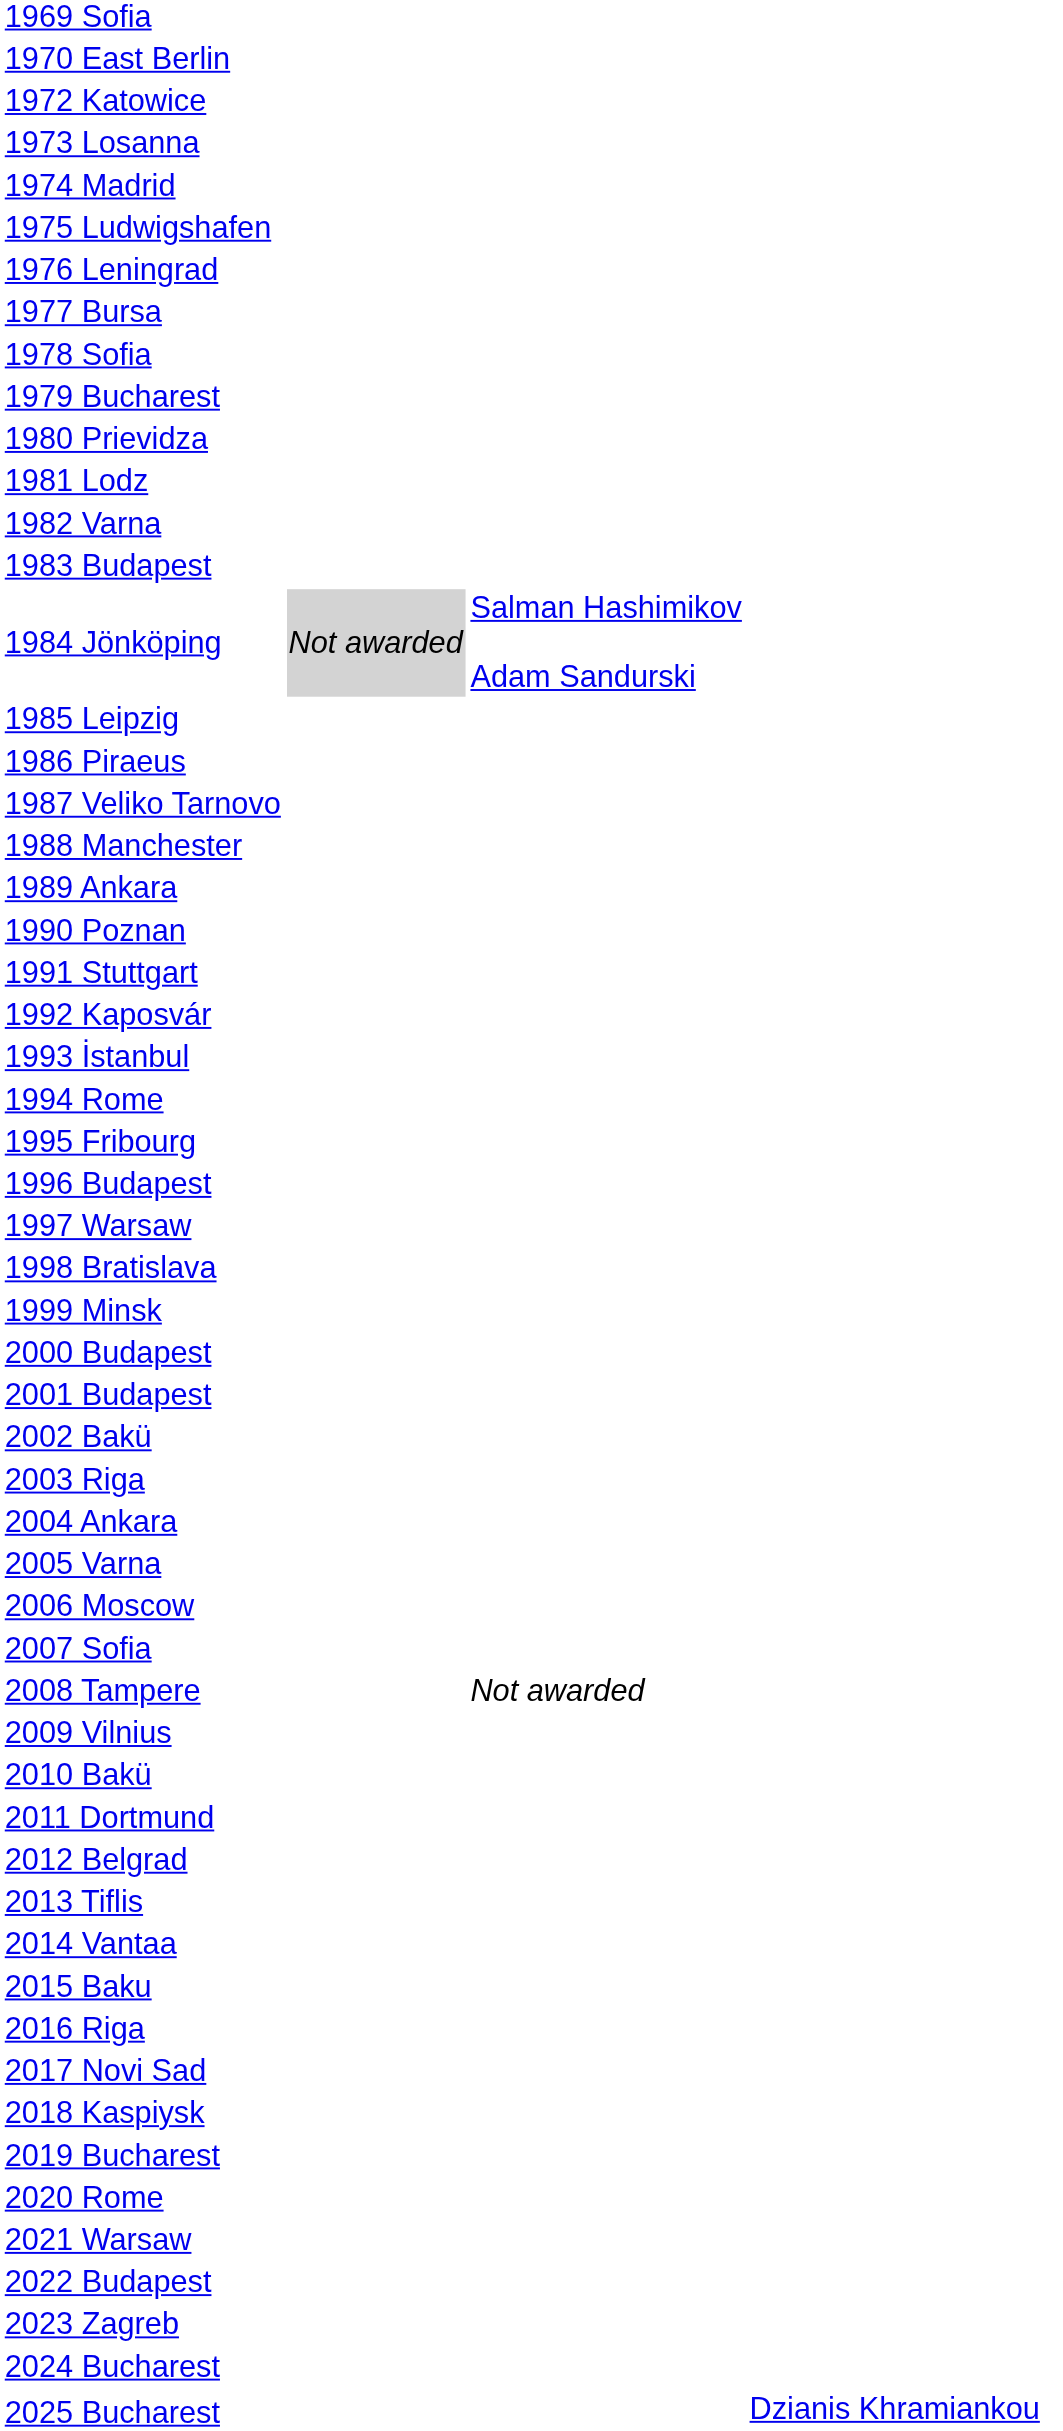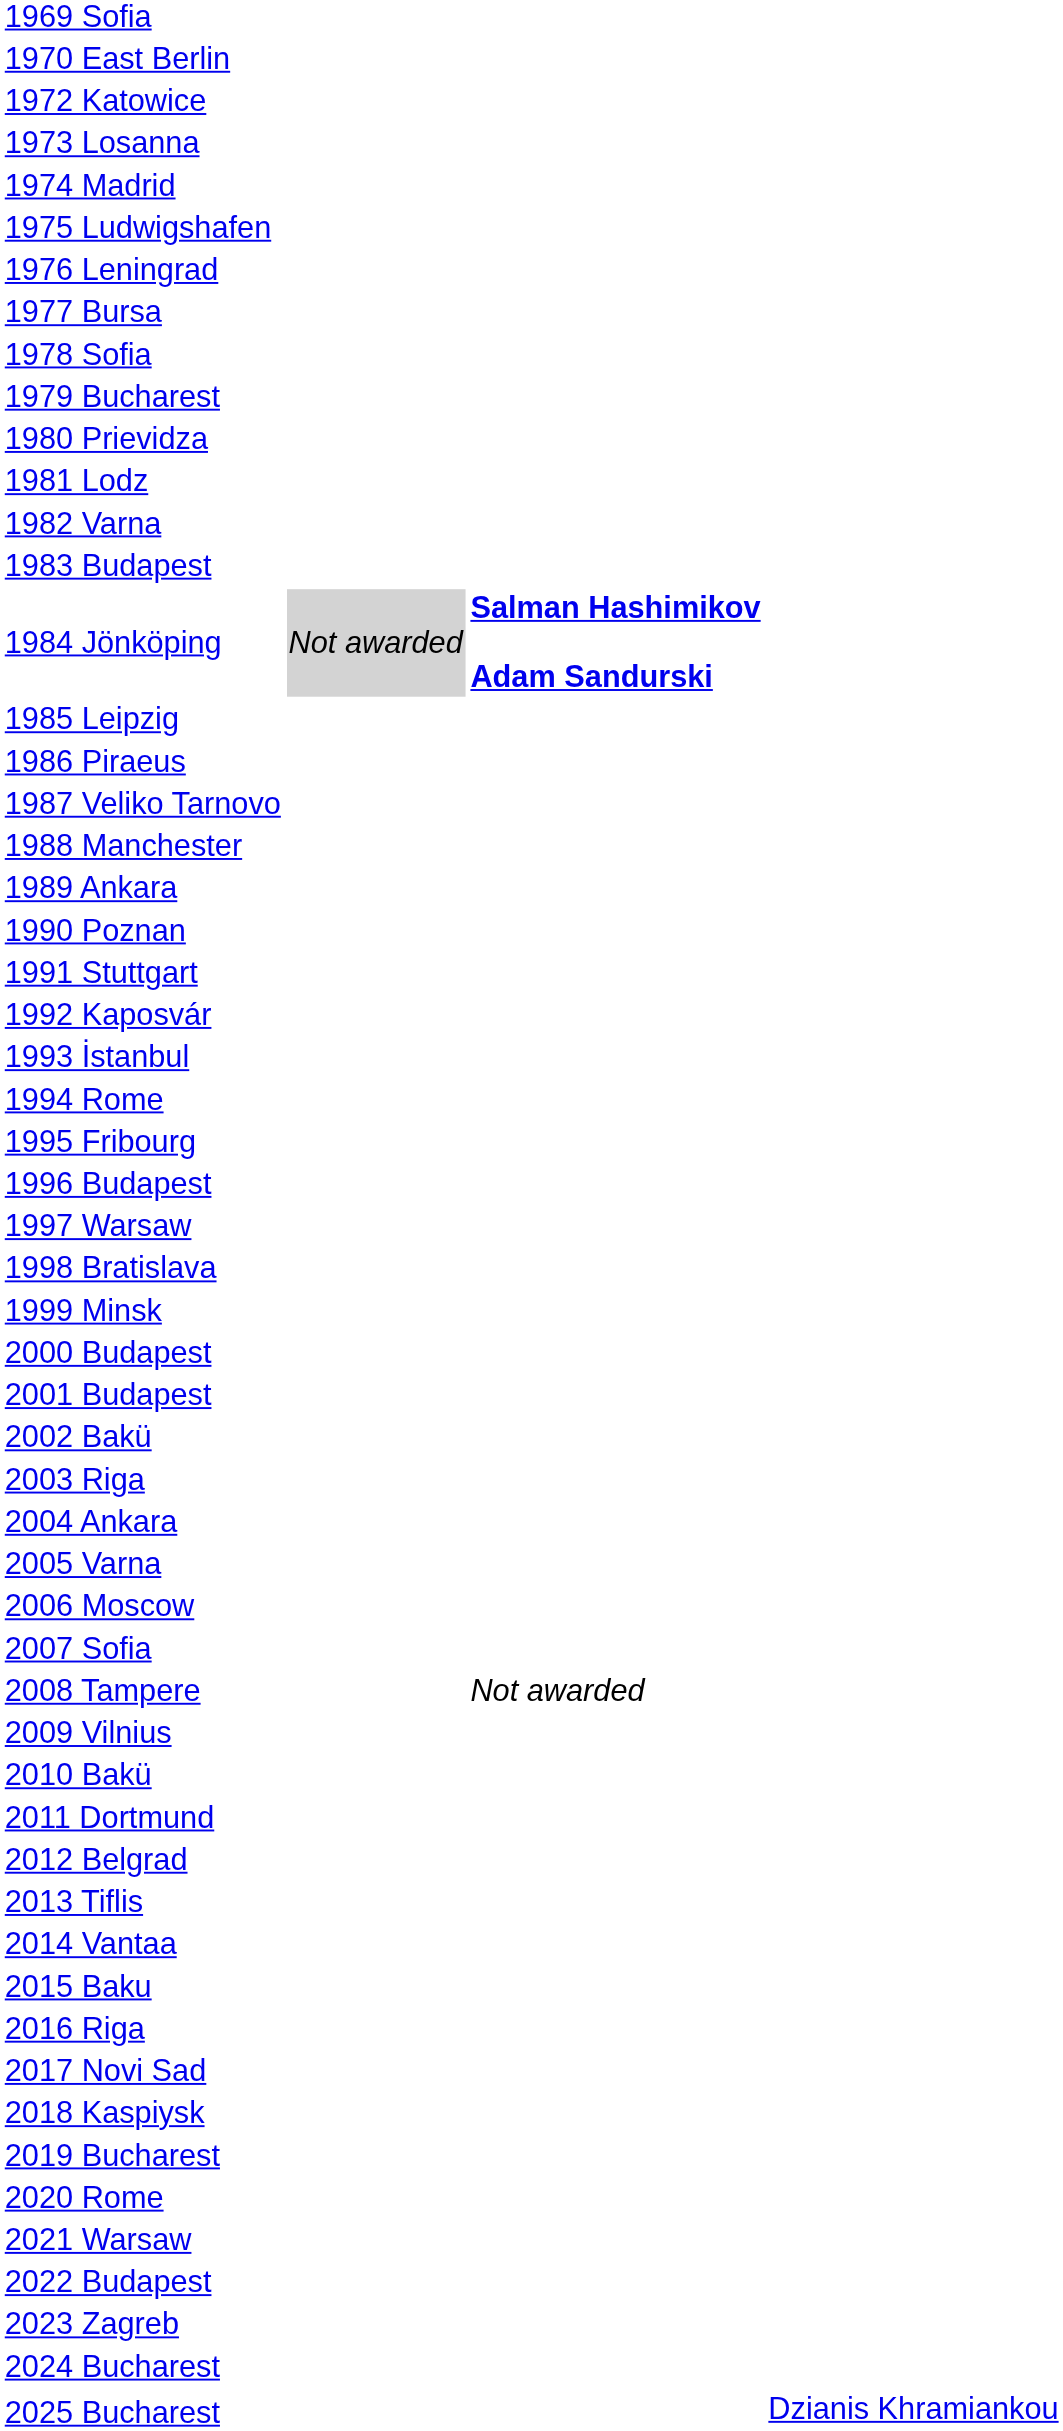 <table>
 <tr>
 <td><a href='#'>1969 Sofia</a></td>
 <td></td>
 <td></td>
 <td></td>
 </tr>
 <tr>
 <td><a href='#'>1970 East Berlin</a></td>
 <td></td>
 <td></td>
 <td></td>
 </tr>
 <tr>
 <td><a href='#'>1972 Katowice</a></td>
 <td></td>
 <td></td>
 <td></td>
 </tr>
 <tr>
 <td><a href='#'>1973 Losanna</a></td>
 <td></td>
 <td></td>
 <td></td>
 </tr>
 <tr>
 <td><a href='#'>1974 Madrid</a></td>
 <td></td>
 <td></td>
 <td></td>
 </tr>
 <tr>
 <td><a href='#'>1975 Ludwigshafen</a></td>
 <td></td>
 <td></td>
 <td></td>
 </tr>
 <tr>
 <td><a href='#'>1976 Leningrad</a></td>
 <td></td>
 <td></td>
 <td></td>
 </tr>
 <tr>
 <td><a href='#'>1977 Bursa</a></td>
 <td></td>
 <td></td>
 <td></td>
 </tr>
 <tr>
 <td><a href='#'>1978 Sofia</a></td>
 <td></td>
 <td></td>
 <td></td>
 </tr>
 <tr>
 <td><a href='#'>1979 Bucharest</a></td>
 <td></td>
 <td></td>
 <td></td>
 </tr>
 <tr>
 <td><a href='#'>1980 Prievidza</a></td>
 <td></td>
 <td></td>
 <td></td>
 </tr>
 <tr>
 <td><a href='#'>1981 Lodz</a></td>
 <td></td>
 <td></td>
 <td></td>
 </tr>
 <tr>
 <td><a href='#'>1982 Varna</a></td>
 <td></td>
 <td></td>
 <td></td>
 </tr>
 <tr>
 <td><a href='#'>1983 Budapest</a></td>
 <td></td>
 <td></td>
 <td></td>
 </tr>
 <tr>
 <td><a href='#'>1984 Jönköping</a></td>
 <td style="background: lightgrey;"><em>Not awarded</em></td>
-<td><a href='#'>Salman Hashimikov</a> <br> <br> <a href='#'>Adam Sandurski</a> <br> </td>
+<td><strong><a href='#'>Salman Hashimikov</a> <br> <br> <a href='#'>Adam Sandurski</a> <br> </strong></td>
 <td></td>
 </tr>
 <tr>
 <td><a href='#'>1985 Leipzig</a></td>
 <td></td>
 <td></td>
 <td></td>
 </tr>
 <tr>
 <td><a href='#'>1986 Piraeus</a></td>
 <td></td>
 <td></td>
 <td></td>
 </tr>
 <tr>
 <td><a href='#'>1987 Veliko Tarnovo</a></td>
 <td></td>
 <td></td>
 <td></td>
 </tr>
 <tr>
 <td><a href='#'>1988 Manchester</a></td>
 <td></td>
 <td></td>
 <td></td>
 </tr>
 <tr>
 <td><a href='#'>1989 Ankara</a></td>
 <td></td>
 <td></td>
 <td></td>
 </tr>
 <tr>
 <td><a href='#'>1990 Poznan</a></td>
 <td></td>
 <td></td>
 <td></td>
 </tr>
 <tr>
 <td><a href='#'>1991 Stuttgart</a></td>
 <td></td>
 <td></td>
 <td></td>
 </tr>
 <tr>
 <td><a href='#'>1992 Kaposvár</a></td>
 <td></td>
 <td></td>
 <td></td>
 </tr>
 <tr>
 <td><a href='#'>1993 İstanbul</a></td>
 <td></td>
 <td></td>
 <td></td>
 </tr>
 <tr>
 <td><a href='#'>1994 Rome</a></td>
 <td></td>
 <td></td>
 <td></td>
 </tr>
 <tr>
 <td><a href='#'>1995 Fribourg</a></td>
 <td></td>
 <td></td>
 <td></td>
 </tr>
 <tr>
 <td><a href='#'>1996 Budapest</a></td>
 <td></td>
 <td></td>
 <td></td>
 </tr>
 <tr>
 <td><a href='#'>1997 Warsaw</a></td>
 <td></td>
 <td></td>
 <td></td>
 </tr>
 <tr>
 <td><a href='#'>1998 Bratislava</a></td>
 <td></td>
 <td></td>
 <td></td>
 </tr>
 <tr>
 <td><a href='#'>1999 Minsk</a></td>
 <td></td>
 <td></td>
 <td></td>
 </tr>
 <tr>
 <td><a href='#'>2000 Budapest</a></td>
 <td></td>
 <td></td>
 <td></td>
 </tr>
 <tr>
 <td><a href='#'>2001 Budapest</a></td>
 <td></td>
 <td></td>
 <td></td>
 </tr>
 <tr>
 <td><a href='#'>2002 Bakü</a></td>
 <td></td>
 <td></td>
 <td></td>
 </tr>
 <tr>
 <td><a href='#'>2003 Riga</a></td>
 <td></td>
 <td></td>
 <td></td>
 </tr>
 <tr>
 <td><a href='#'>2004 Ankara</a></td>
 <td></td>
 <td></td>
 <td></td>
 </tr>
 <tr>
 <td rowspan=2><a href='#'>2005 Varna</a></td>
 <td rowspan=2></td>
 <td rowspan=2></td>
 <td></td>
 </tr>
 <tr>
 <td></td>
 </tr>
 <tr>
 <td rowspan=2><a href='#'>2006 Moscow</a></td>
 <td rowspan=2></td>
 <td rowspan=2></td>
 <td></td>
 </tr>
 <tr>
 <td></td>
 </tr>
 <tr>
 <td rowspan=2><a href='#'>2007 Sofia</a></td>
 <td rowspan=2></td>
 <td rowspan=2></td>
 <td></td>
 </tr>
 <tr>
 <td></td>
 </tr>
 <tr>
 <td rowspan=2><a href='#'>2008 Tampere</a></td>
 <td rowspan=2></td>
 <td rowspan=2><em>Not awarded</em></td>
 <td></td>
 </tr>
 <tr>
 <td></td>
 </tr>
 <tr>
 <td rowspan=2><a href='#'>2009 Vilnius</a></td>
 <td rowspan=2></td>
 <td rowspan=2></td>
 <td></td>
 </tr>
 <tr>
 <td></td>
 </tr>
 <tr>
 <td rowspan=2><a href='#'>2010 Bakü</a></td>
 <td rowspan=2></td>
 <td rowspan=2></td>
 <td></td>
 </tr>
 <tr>
 <td></td>
 </tr>
 <tr>
 <td rowspan=2><a href='#'>2011 Dortmund</a></td>
 <td rowspan=2></td>
 <td rowspan=2></td>
 <td></td>
 </tr>
 <tr>
 <td></td>
 </tr>
 <tr>
 <td rowspan=2><a href='#'>2012 Belgrad</a></td>
 <td rowspan=2></td>
 <td rowspan=2></td>
 <td></td>
 </tr>
 <tr>
 <td></td>
 </tr>
 <tr>
 <td rowspan=2><a href='#'>2013 Tiflis</a></td>
 <td rowspan=2></td>
 <td rowspan=2></td>
 <td></td>
 </tr>
 <tr>
 <td></td>
 </tr>
 <tr>
 <td rowspan=2><a href='#'>2014 Vantaa</a></td>
 <td rowspan=2></td>
 <td rowspan=2></td>
 <td></td>
 </tr>
 <tr>
 <td></td>
 </tr>
 <tr>
 <td rowspan=2><a href='#'>2015 Baku</a></td>
 <td rowspan=2></td>
 <td rowspan=2></td>
 <td></td>
 </tr>
 <tr>
 <td></td>
 </tr>
 <tr>
 <td rowspan=2><a href='#'>2016 Riga</a></td>
 <td rowspan=2></td>
 <td rowspan=2></td>
 <td></td>
 </tr>
 <tr>
 <td></td>
 </tr>
 <tr>
 <td rowspan=2><a href='#'>2017 Novi Sad</a></td>
 <td rowspan=2></td>
 <td rowspan=2></td>
 <td></td>
 </tr>
 <tr>
 <td></td>
 </tr>
 <tr>
 <td rowspan=2><a href='#'>2018 Kaspiysk</a></td>
 <td rowspan=2></td>
 <td rowspan=2></td>
 <td></td>
 </tr>
 <tr>
 <td></td>
 </tr>
 <tr>
 <td rowspan=2><a href='#'>2019 Bucharest</a></td>
 <td rowspan=2></td>
 <td rowspan=2></td>
 <td></td>
 </tr>
 <tr>
 <td></td>
 </tr>
 <tr>
 <td rowspan=2><a href='#'>2020 Rome</a></td>
 <td rowspan=2></td>
 <td rowspan=2></td>
 <td></td>
 </tr>
 <tr>
 <td></td>
 </tr>
 <tr>
 <td rowspan=2><a href='#'>2021 Warsaw</a></td>
 <td rowspan=2></td>
 <td rowspan=2></td>
 <td></td>
 </tr>
 <tr>
 <td></td>
 </tr>
 <tr>
 <td rowspan=2><a href='#'>2022 Budapest</a></td>
 <td rowspan=2></td>
 <td rowspan=2></td>
 <td></td>
 </tr>
 <tr>
 <td></td>
 </tr>
 <tr>
 <td rowspan=2><a href='#'>2023 Zagreb</a></td>
 <td rowspan=2></td>
 <td rowspan=2></td>
 <td></td>
 </tr>
 <tr>
 <td></td>
 </tr>
 <tr>
 <td rowspan=2><a href='#'>2024 Bucharest</a></td>
 <td rowspan=2></td>
 <td rowspan=2></td>
 <td></td>
 </tr>
 <tr>
 <td></td>
 </tr>
 <tr>
 <td rowspan=2><a href='#'>2025 Bucharest</a></td>
 <td rowspan=2></td>
 <td rowspan=2></td>
 <td> <a href='#'>Dzianis Khramiankou</a> </td>
 </tr>
 <tr>
 <td></td>
 </tr>
 </table>
